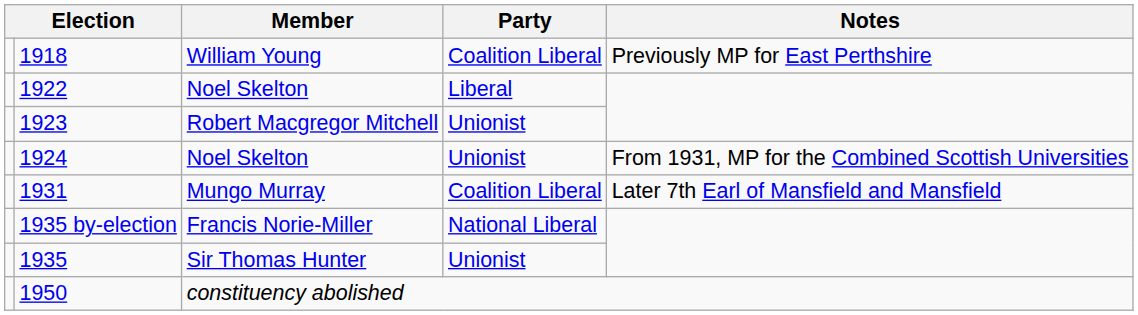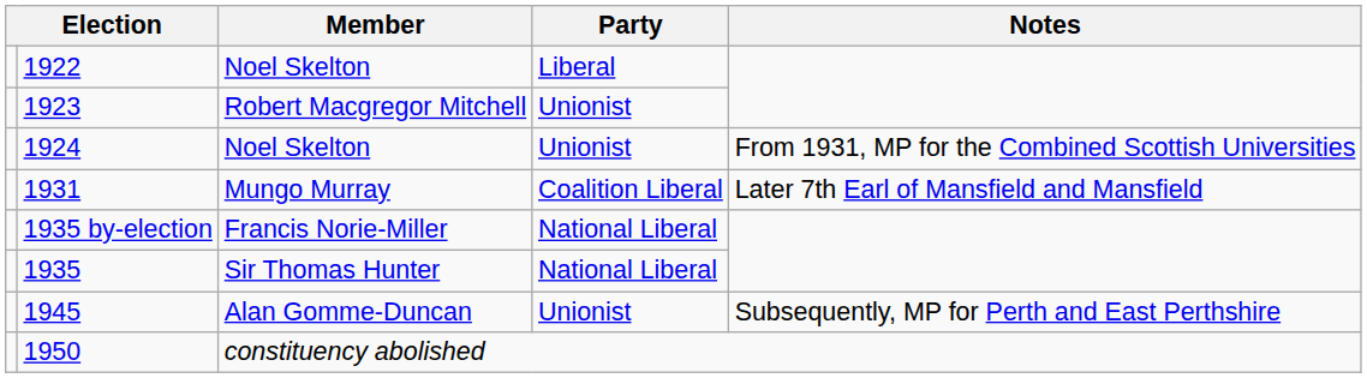 <table class="wikitable">
 <tr>
 <th colspan="2">Election</th>
 <th>Member</th>
 <th>Party</th>
 <th>Notes</th>
-</tr>
-<tr>
-<td style="color:inherit;background-color: "></td>
-<td><a href='#'>1918</a></td>
-<td><a href='#'>William Young</a></td>
-<td><a href='#'>Coalition Liberal</a></td>
-<td>Previously MP for <a href='#'>East Perthshire</a></td>
 </tr>
 <tr>
 <td style="color:inherit;background-color: "></td>
 <td><a href='#'>1922</a></td>
 <td><a href='#'>Noel Skelton</a></td>
 <td><a href='#'>Liberal</a></td>
 </tr>
 <tr>
 <td style="color:inherit;background-color: "></td>
 <td><a href='#'>1923</a></td>
 <td><a href='#'>Robert Macgregor Mitchell</a></td>
 <td><a href='#'>Unionist</a></td>
 </tr>
 <tr>
 <td style="color:inherit;background-color: "></td>
 <td><a href='#'>1924</a></td>
 <td><a href='#'>Noel Skelton</a></td>
 <td><a href='#'>Unionist</a></td>
 <td>From 1931, MP for the <a href='#'>Combined Scottish Universities</a></td>
 </tr>
 <tr>
 <td style="color:inherit;background-color: "></td>
 <td><a href='#'>1931</a></td>
 <td><a href='#'>Mungo Murray</a></td>
 <td><a href='#'>Coalition Liberal</a></td>
 <td>Later 7th <a href='#'>Earl of Mansfield and Mansfield</a></td>
 </tr>
 <tr>
 <td style="color:inherit;background-color: "></td>
 <td><a href='#'>1935 by-election</a></td>
 <td><a href='#'>Francis Norie-Miller</a></td>
 <td><a href='#'>National Liberal</a></td>
 </tr>
 <tr>
 <td style="color:inherit;background-color: "></td>
 <td><a href='#'>1935</a></td>
 <td><a href='#'>Sir Thomas Hunter</a></td>
+<td><a href='#'>National Liberal</a></td>
+</tr>
+<tr>
+<td style="color:inherit;background-color: "></td>
+<td><a href='#'>1945</a></td>
+<td><a href='#'>Alan Gomme-Duncan</a></td>
 <td><a href='#'>Unionist</a></td>
+<td>Subsequently, MP for <a href='#'>Perth and East Perthshire</a></td>
 </tr>
 <tr>
 <td></td>
 <td><a href='#'>1950</a></td>
 <td colspan="3"><em>constituency abolished</em></td>
 </tr>
 </table>
